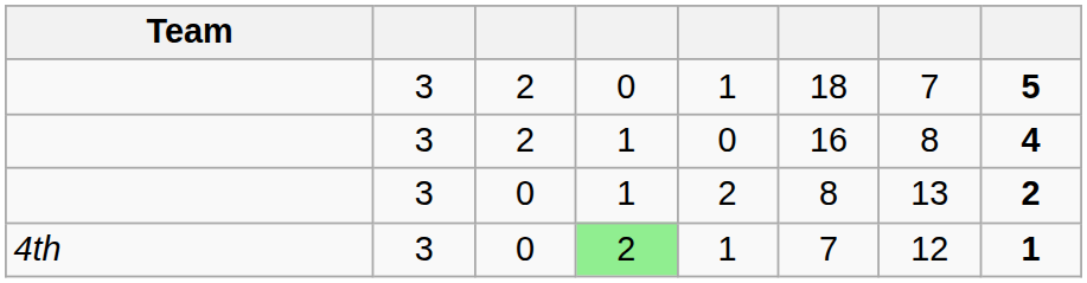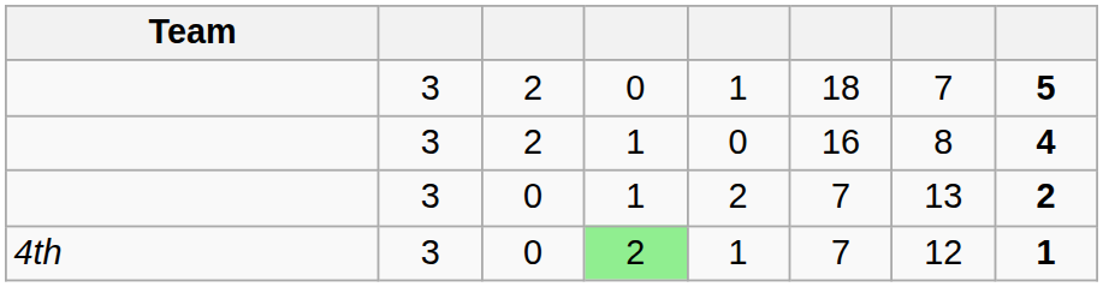 <table class="wikitable" style="text-align:center;">
 <tr>
 <th width=165>Team</th>
 <th width=40></th>
 <th width=40></th>
 <th width=40></th>
 <th width=40></th>
 <th width=40></th>
 <th width=40></th>
 <th width=40></th>
 </tr>
 <tr align=center>
 <td align=left></td>
 <td>3</td>
 <td>2</td>
 <td>0</td>
 <td>1</td>
 <td>18</td>
 <td>7</td>
 <td><strong>5</strong></td>
 </tr>
 <tr align=center>
 <td align=left></td>
 <td>3</td>
 <td>2</td>
 <td>1</td>
 <td>0</td>
 <td>16</td>
 <td>8</td>
 <td><strong>4</strong></td>
 </tr>
 <tr align=center>
 <td align=left></td>
 <td>3</td>
 <td>0</td>
 <td>1</td>
 <td>2</td>
-<td>8</td>
+<td>7</td>
 <td>13</td>
 <td><strong>2</strong></td>
 </tr>
 <tr align=center>
 <td align=left> <em>4th</em></td>
 <td>3</td>
 <td>0</td>
 <td style="background: lightgreen;">2</td>
 <td>1</td>
 <td>7</td>
 <td>12</td>
 <td><strong>1</strong></td>
 </tr>
 </table>
